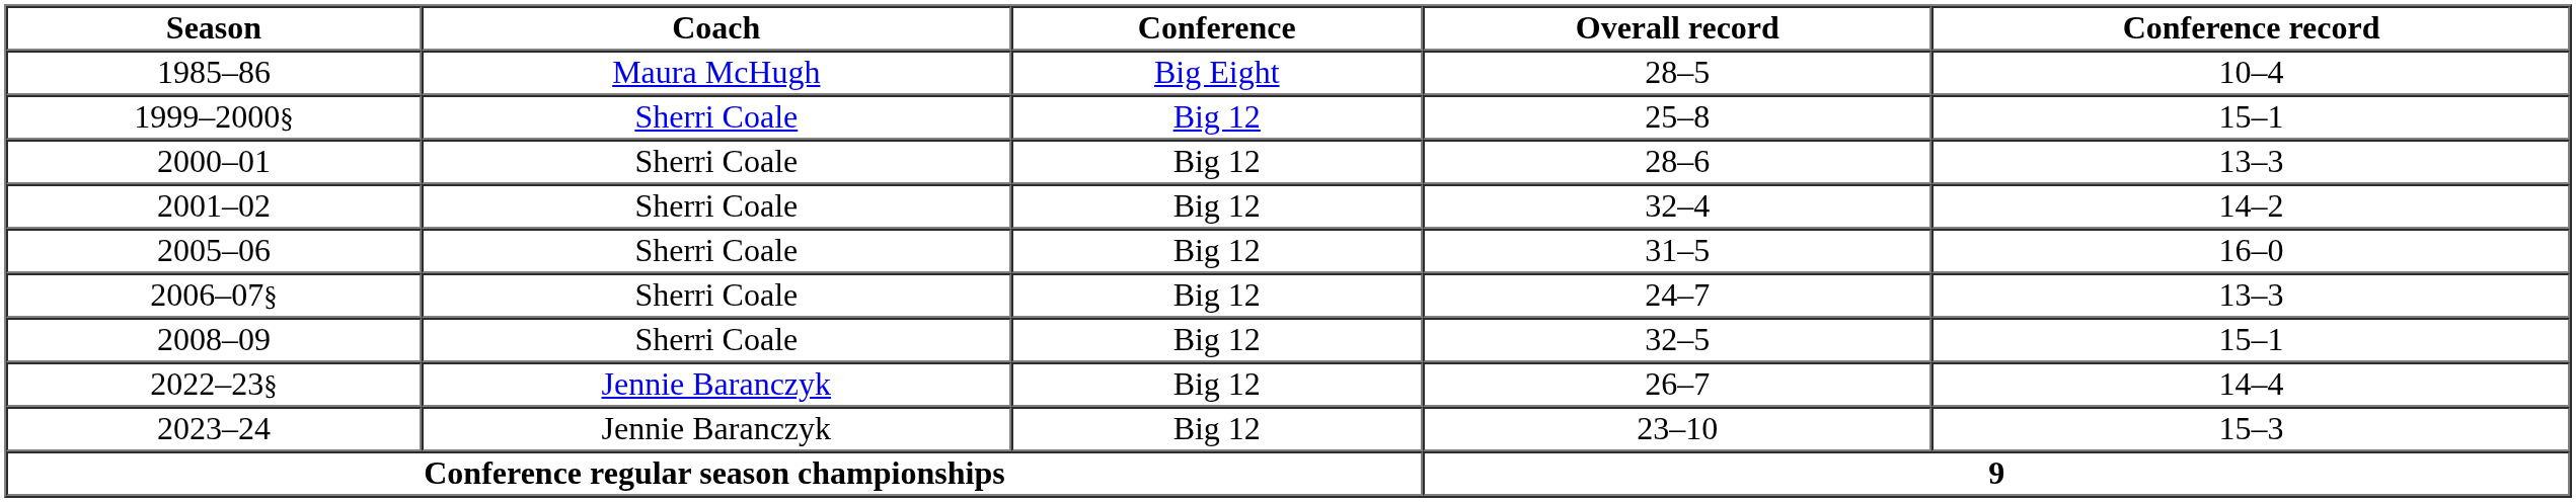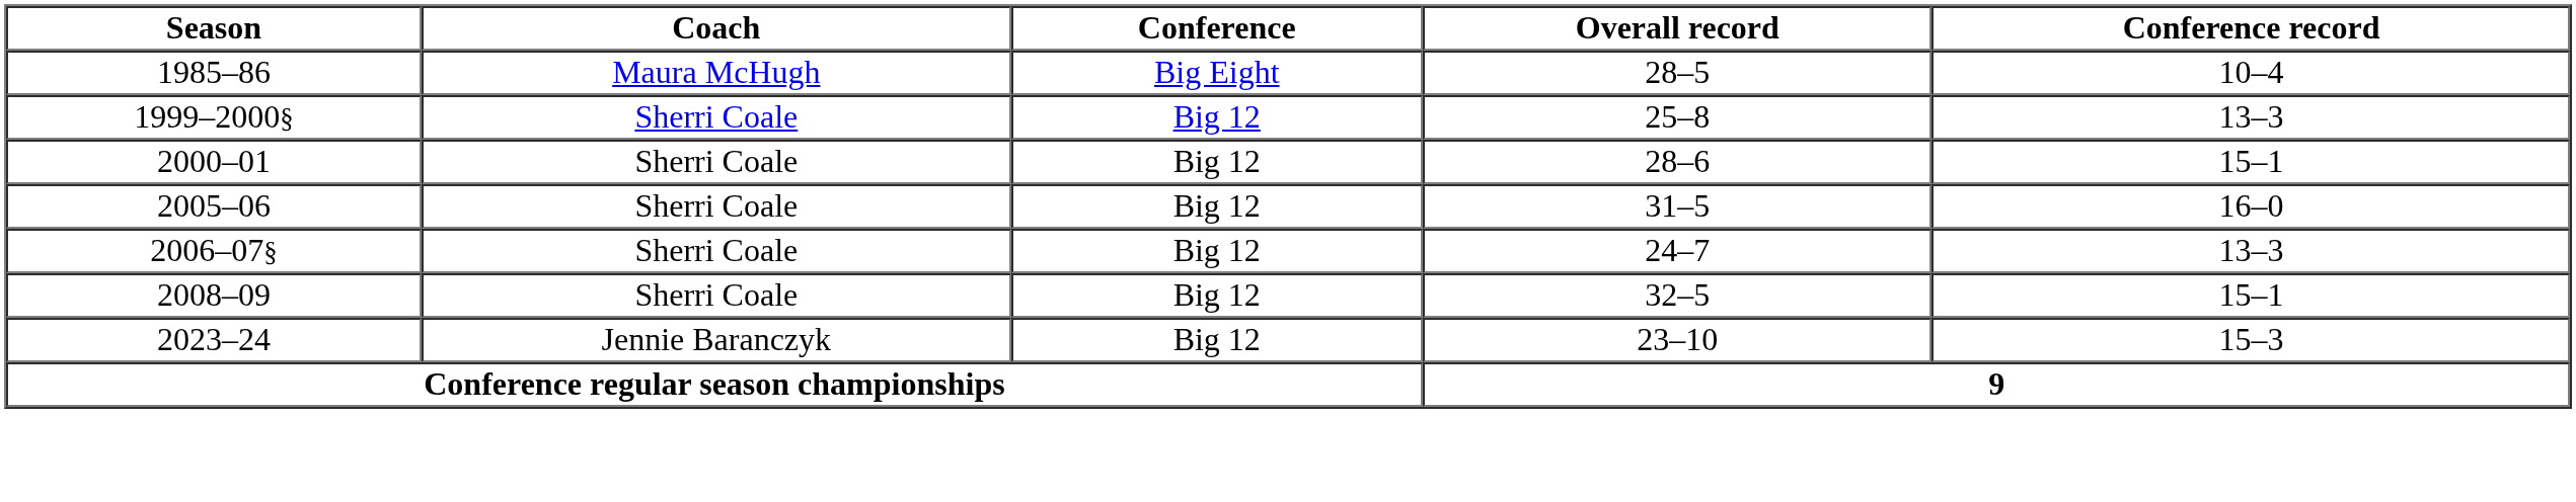 <table cellpadding="1" border="1" cellspacing="0" width="80%" style="text-align:center;">
 <tr>
 <th>Season</th>
 <th>Coach</th>
 <th>Conference</th>
 <th>Overall record</th>
 <th>Conference record</th>
 </tr>
 <tr>
 </tr>
 <tr>
 <td>1985–86</td>
 <td><a href='#'>Maura McHugh</a></td>
 <td><a href='#'>Big Eight</a></td>
 <td>28–5</td>
 <td>10–4</td>
 </tr>
 <tr>
 <td>1999–2000<small>§</small></td>
 <td><a href='#'>Sherri Coale</a></td>
 <td><a href='#'>Big 12</a></td>
 <td>25–8</td>
-<td>15–1</td>
+<td>13–3</td>
 </tr>
 <tr>
 <td>2000–01</td>
 <td>Sherri Coale</td>
 <td>Big 12</td>
 <td>28–6</td>
-<td>13–3</td>
-</tr>
-<tr>
-<td>2001–02</td>
-<td>Sherri Coale</td>
-<td>Big 12</td>
-<td>32–4</td>
-<td>14–2</td>
+<td>15–1</td>
 </tr>
 <tr>
 <td>2005–06</td>
 <td>Sherri Coale</td>
 <td>Big 12</td>
 <td>31–5</td>
 <td>16–0</td>
 </tr>
 <tr>
 <td>2006–07<small>§</small></td>
 <td>Sherri Coale</td>
 <td>Big 12</td>
 <td>24–7</td>
 <td>13–3</td>
 </tr>
 <tr>
 <td>2008–09</td>
 <td>Sherri Coale</td>
 <td>Big 12</td>
 <td>32–5</td>
 <td>15–1</td>
 </tr>
 <tr>
-<td>2022–23<small>§</small></td>
-<td><a href='#'>Jennie Baranczyk</a></td>
-<td>Big 12</td>
-<td>26–7</td>
-<td>14–4</td>
-</tr>
-<tr>
 <td>2023–24</td>
 <td>Jennie Baranczyk</td>
 <td>Big 12</td>
 <td>23–10</td>
 <td>15–3</td>
 </tr>
 <tr style="text-align:center; ">
 <td colspan="3"><strong>Conference regular season championships</strong></td>
 <td colspan="2"><strong>9</strong></td>
 </tr>
 </table>
